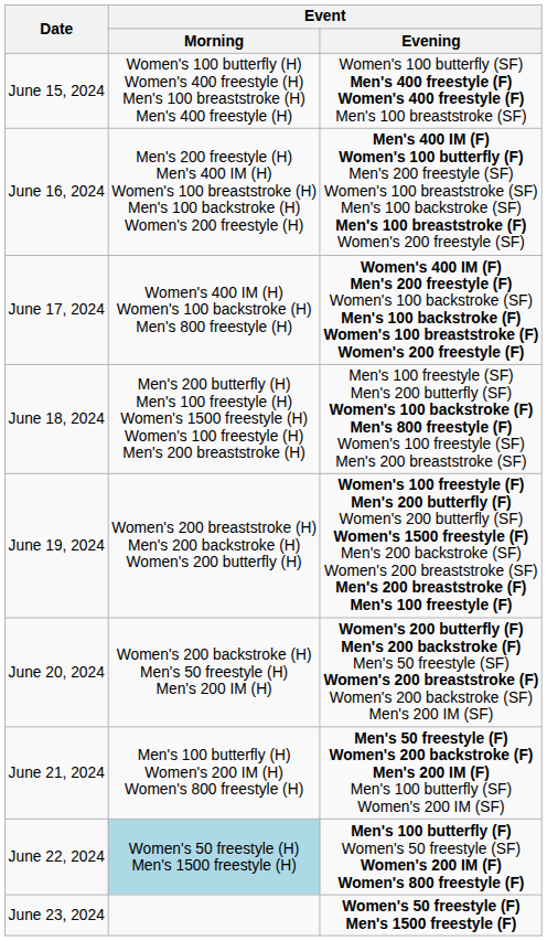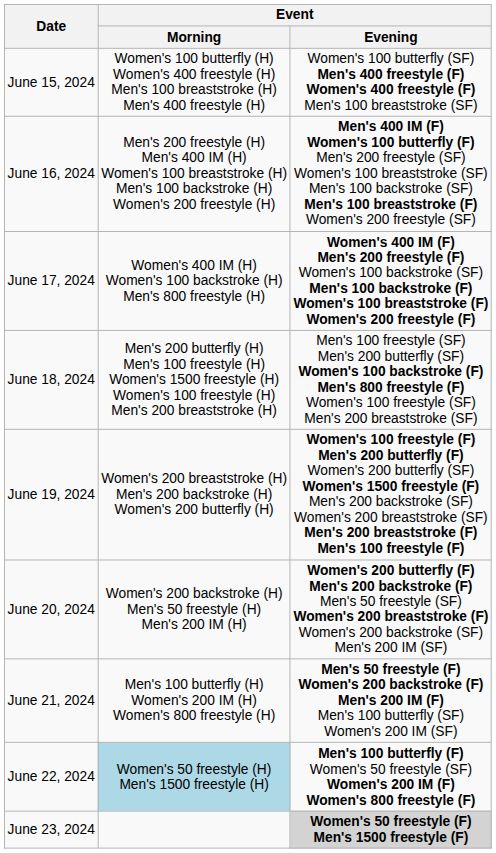 <table class="wikitable" style="text-align:right">
 <tr>
 <th rowspan=2>Date</th>
 <th colspan="4" style="text-align:center;">Event</th>
 </tr>
 <tr>
 <th style="text-align:center;">Morning</th>
 <th style="text-align:center;">Evening</th>
 </tr>
 <tr style="text-align:center;">
 <td>June 15, 2024</td>
 <td>Women's 100 butterfly (H)<br>Women's 400 freestyle (H)<br>Men's 100 breaststroke (H)<br>Men's 400 freestyle (H)</td>
 <td>Women's 100 butterfly (SF)<br><strong>Men's 400 freestyle (F)</strong><br><strong>Women's 400 freestyle (F)</strong><br>Men's 100 breaststroke (SF)</td>
 </tr>
 <tr style="text-align:center;">
 <td>June 16, 2024</td>
 <td>Men's 200 freestyle (H)<br>Men's 400 IM (H)<br>Women's 100 breaststroke (H)<br>Men's 100 backstroke (H)<br>Women's 200 freestyle (H)</td>
 <td><strong>Men's 400 IM (F)</strong><br><strong>Women's 100 butterfly (F)</strong><br>Men's 200 freestyle (SF)<br>Women's 100 breaststroke (SF)<br>Men's 100 backstroke (SF)<br><strong>Men's 100 breaststroke (F)</strong><br>Women's 200 freestyle (SF)</td>
 </tr>
 <tr style="text-align:center;">
 <td>June 17, 2024</td>
 <td>Women's 400 IM (H)<br>Women's 100 backstroke (H)<br>Men's 800 freestyle (H)</td>
 <td><strong>Women's 400 IM (F)</strong><br><strong>Men's 200 freestyle (F)</strong><br>Women's 100 backstroke (SF)<br><strong>Men's 100 backstroke (F)</strong><br><strong>Women's 100 breaststroke (F)</strong><br><strong>Women's 200 freestyle (F)</strong></td>
 </tr>
 <tr style="text-align:center;">
 <td>June 18, 2024</td>
 <td>Men's 200 butterfly (H)<br>Men's 100 freestyle (H)<br>Women's 1500 freestyle (H)<br>Women's 100 freestyle (H)<br>Men's 200 breaststroke (H)</td>
 <td>Men's 100 freestyle (SF)<br>Men's 200 butterfly (SF)<br><strong>Women's 100 backstroke (F)</strong><br><strong>Men's 800 freestyle (F)</strong><br>Women's 100 freestyle (SF)<br>Men's 200 breaststroke (SF)</td>
 </tr>
 <tr style="text-align:center;">
 <td>June 19, 2024</td>
 <td>Women's 200 breaststroke (H)<br>Men's 200 backstroke (H)<br>Women's 200 butterfly (H)</td>
 <td><strong>Women's 100 freestyle (F)</strong><br><strong>Men's 200 butterfly (F)</strong><br>Women's 200 butterfly (SF)<br><strong>Women's 1500 freestyle (F)</strong><br>Men's 200 backstroke (SF)<br>Women's 200 breaststroke (SF)<br><strong>Men's 200 breaststroke (F)</strong><br><strong>Men's 100 freestyle (F)</strong></td>
 </tr>
 <tr style="text-align:center;">
 <td>June 20, 2024</td>
 <td>Women's 200 backstroke (H)<br>Men's 50 freestyle (H)<br>Men's 200 IM (H)</td>
 <td><strong>Women's 200 butterfly (F)</strong><br><strong>Men's 200 backstroke (F)</strong><br>Men's 50 freestyle (SF)<br><strong>Women's 200 breaststroke (F)</strong><br>Women's 200 backstroke (SF)<br>Men's 200 IM (SF)</td>
 </tr>
 <tr style="text-align:center;">
 <td>June 21, 2024</td>
 <td>Men's 100 butterfly (H)<br>Women's 200 IM (H)<br>Women's 800 freestyle (H)</td>
 <td><strong>Men's 50 freestyle (F)</strong><br><strong>Women's 200 backstroke (F)</strong><br><strong>Men's 200 IM (F)</strong><br>Men's 100 butterfly (SF)<br>Women's 200 IM (SF)</td>
 </tr>
 <tr style="text-align:center;">
 <td>June 22, 2024</td>
 <td style="background: lightblue;">Women's 50 freestyle (H)<br>Men's 1500 freestyle (H)</td>
 <td><strong>Men's 100 butterfly (F)</strong><br>Women's 50 freestyle (SF)<br><strong>Women's 200 IM (F)</strong><br><strong>Women's 800 freestyle (F)</strong></td>
 </tr>
 <tr style="text-align:center;">
 <td>June 23, 2024</td>
 <td></td>
-<td><strong>Women's 50 freestyle (F)</strong><br><strong>Men's 1500 freestyle (F)</strong></td>
+<td style="background: lightgrey;"><strong>Women's 50 freestyle (F)</strong><br><strong>Men's 1500 freestyle (F)</strong></td>
 </tr>
 </table>
